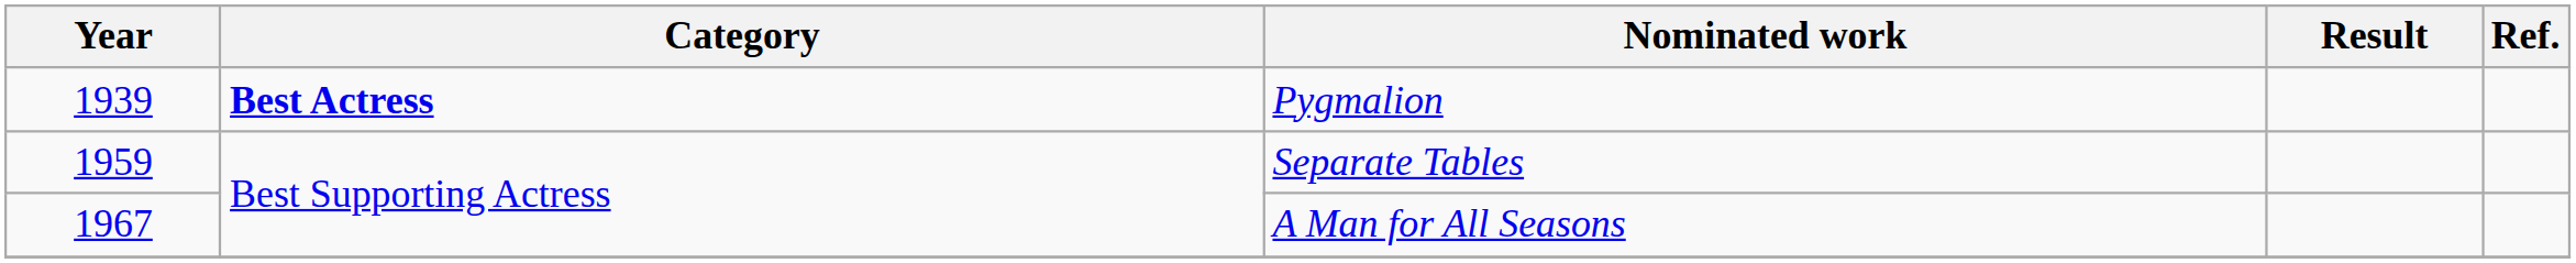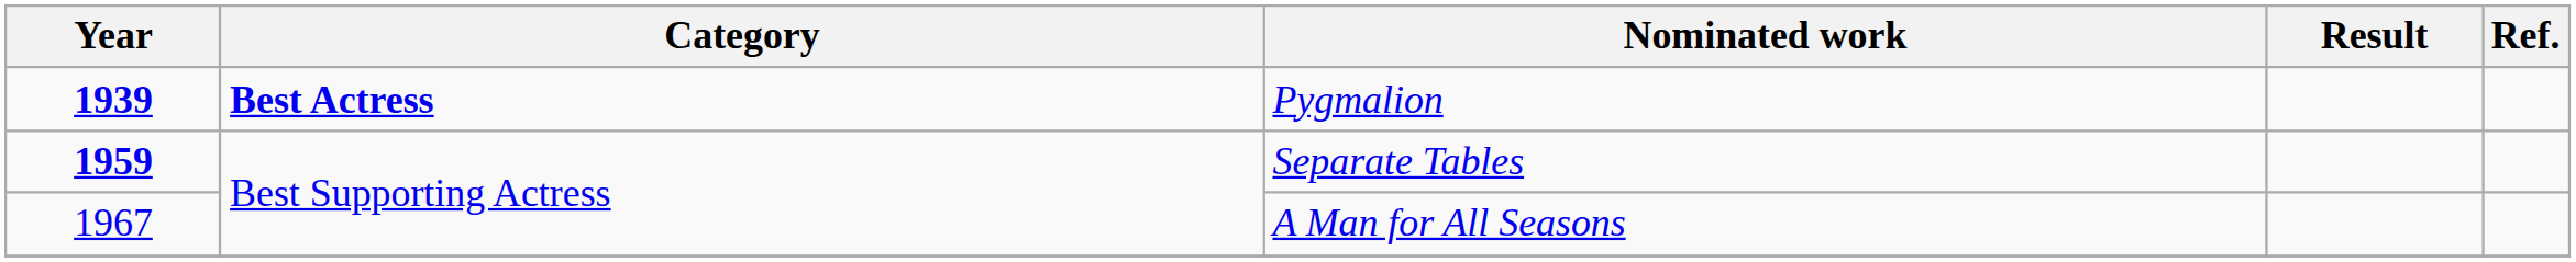 <table class="wikitable">
 <tr>
 <th scope="col" style="width:5em;">Year</th>
 <th scope="col" style="width:26em;">Category</th>
 <th scope="col" style="width:25em;">Nominated work</th>
 <th scope="col" style="width:5em;">Result</th>
 <th>Ref.</th>
 </tr>
 <tr>
-<td style="text-align:center;"><a href='#'>1939</a></td>
+<td style="text-align:center;"><strong><a href='#'>1939</a></strong></td>
 <td><strong><a href='#'>Best Actress</a></strong></td>
 <td><em><a href='#'>Pygmalion</a></em></td>
 <td></td>
 <td></td>
 </tr>
 <tr>
-<td style="text-align:center;"><a href='#'>1959</a></td>
+<td style="text-align:center;"><strong><a href='#'>1959</a></strong></td>
 <td rowspan="2"><a href='#'>Best Supporting Actress</a></td>
 <td><em><a href='#'>Separate Tables</a></em></td>
 <td></td>
 <td></td>
 </tr>
 <tr>
 <td style="text-align:center;"><a href='#'>1967</a></td>
 <td><em><a href='#'>A Man for All Seasons</a></em></td>
 <td></td>
 <td></td>
 </tr>
 <tr>
 </tr>
 </table>
